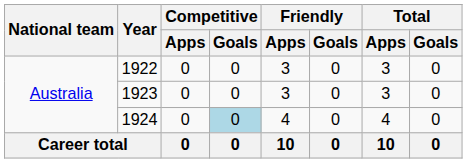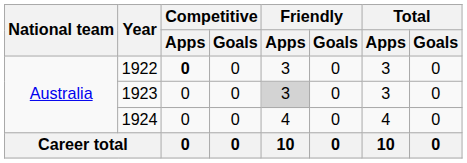 <table class="wikitable" style="text-align:center">
 <tr>
 <th rowspan="2">National team</th>
 <th rowspan="2">Year</th>
 <th colspan="2">Competitive</th>
 <th colspan="2">Friendly</th>
 <th colspan="2">Total</th>
 </tr>
 <tr>
 <th>Apps</th>
 <th>Goals</th>
 <th>Apps</th>
 <th>Goals</th>
 <th>Apps</th>
 <th>Goals</th>
 </tr>
 <tr>
 <td rowspan="3"><a href='#'>Australia</a></td>
 <td>1922</td>
-<td>0</td>
+<td><strong>0</strong></td>
 <td>0</td>
 <td>3</td>
 <td>0</td>
 <td>3</td>
 <td>0</td>
 </tr>
 <tr>
 <td>1923</td>
 <td>0</td>
 <td>0</td>
-<td>3</td>
+<td style="background: lightgrey;">3</td>
 <td>0</td>
 <td>3</td>
 <td>0</td>
 </tr>
 <tr>
 <td>1924</td>
 <td>0</td>
-<td style="background: lightblue;">0</td>
+<td>0</td>
 <td>4</td>
 <td>0</td>
 <td>4</td>
 <td>0</td>
 </tr>
 <tr>
 <th colspan="2">Career total</th>
 <th>0</th>
 <th>0</th>
 <th>10</th>
 <th>0</th>
 <th>10</th>
 <th>0</th>
 </tr>
 </table>
